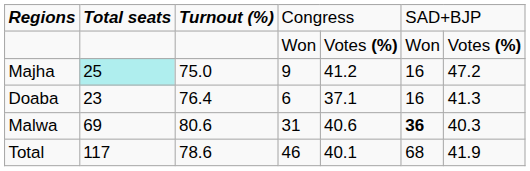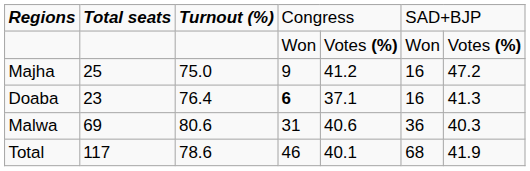 <table class="wikitable sortable">
 <tr>
 <td><strong><em>Regions</em></strong></td>
 <td><strong><em>Total<strong> </strong>seats</em></strong></td>
 <td><strong><em>Turnout<strong> (%)<em></td>
 <td colspan="2"></strong>Congress<strong></td>
 <td colspan="2"></strong>SAD+BJP<strong></td>
 </tr>
 <tr>
 <td></td>
 <td></td>
 <td></td>
 <td></strong>Won<strong></td>
 <td></strong>Votes<strong> (%)</td>
 <td></strong>Won<strong></td>
 <td></strong>Votes<strong> (%)</td>
 </tr>
 <tr>
 <td></strong>Majha<strong></td>
-<td style="background: paleturquoise;">25</td>
+<td>25</td>
 <td>75.0</td>
 <td>9</td>
 <td>41.2</td>
 <td>16</td>
 <td>47.2</td>
 </tr>
 <tr>
 <td></strong>Doaba<strong></td>
 <td>23</td>
 <td>76.4</td>
-<td>6</td>
+<td><strong>6</strong></td>
 <td>37.1</td>
 <td>16</td>
 <td>41.3</td>
 </tr>
 <tr>
 <td></strong>Malwa<strong></td>
 <td>69</td>
 <td>80.6</td>
 <td>31</td>
 <td>40.6</td>
-<td><strong>36</strong></td>
+<td>36</td>
 <td>40.3</td>
 </tr>
 <tr>
 <td></em></strong>Total<strong><em></td>
 <td></strong>117<strong></td>
 <td></strong>78.6<strong></td>
 <td></strong>46<strong></td>
 <td></strong>40.1<strong></td>
 <td></strong>68<strong></td>
 <td></strong>41.9<strong></td>
 </tr>
 </table>
